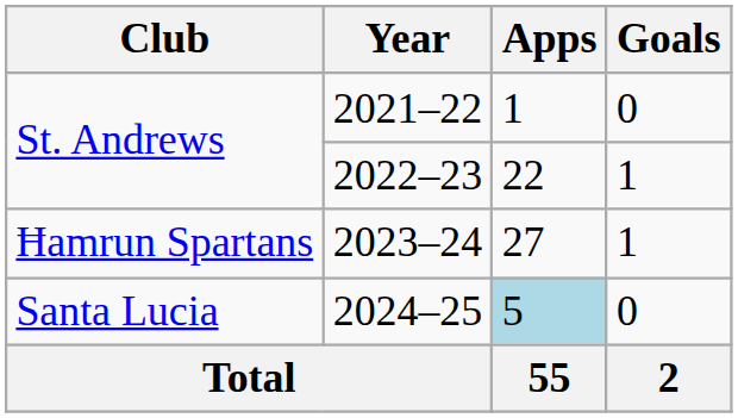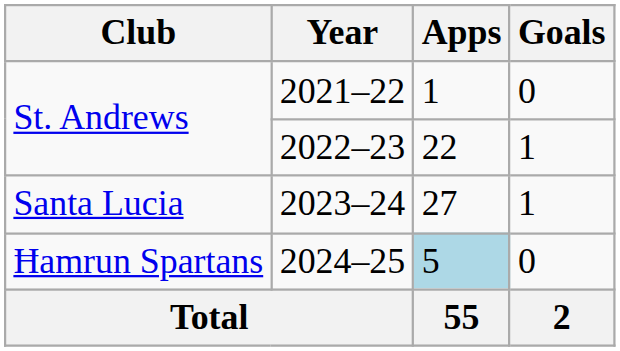 <table class="wikitable" style="test-align:center">
 <tr>
 <th>Club</th>
 <th>Year</th>
 <th>Apps</th>
 <th>Goals</th>
 </tr>
 <tr>
 <td rowspan="2"><a href='#'>St. Andrews</a></td>
 <td>2021–22</td>
 <td>1</td>
 <td>0</td>
 </tr>
 <tr>
 <td>2022–23</td>
 <td>22</td>
 <td>1</td>
 </tr>
 <tr>
-<td rowspan="1"><a href='#'>Ħamrun Spartans</a></td>
+<td rowspan="1"><a href='#'>Santa Lucia</a></td>
 <td>2023–24</td>
 <td>27</td>
 <td>1</td>
 </tr>
 <tr>
-<td rowspan="1"><a href='#'>Santa Lucia</a></td>
+<td rowspan="1"><a href='#'>Ħamrun Spartans</a></td>
 <td>2024–25</td>
 <td style="background: lightblue;">5</td>
 <td>0</td>
 </tr>
 <tr>
 <th colspan="2">Total</th>
 <th>55</th>
 <th>2</th>
 </tr>
 </table>
